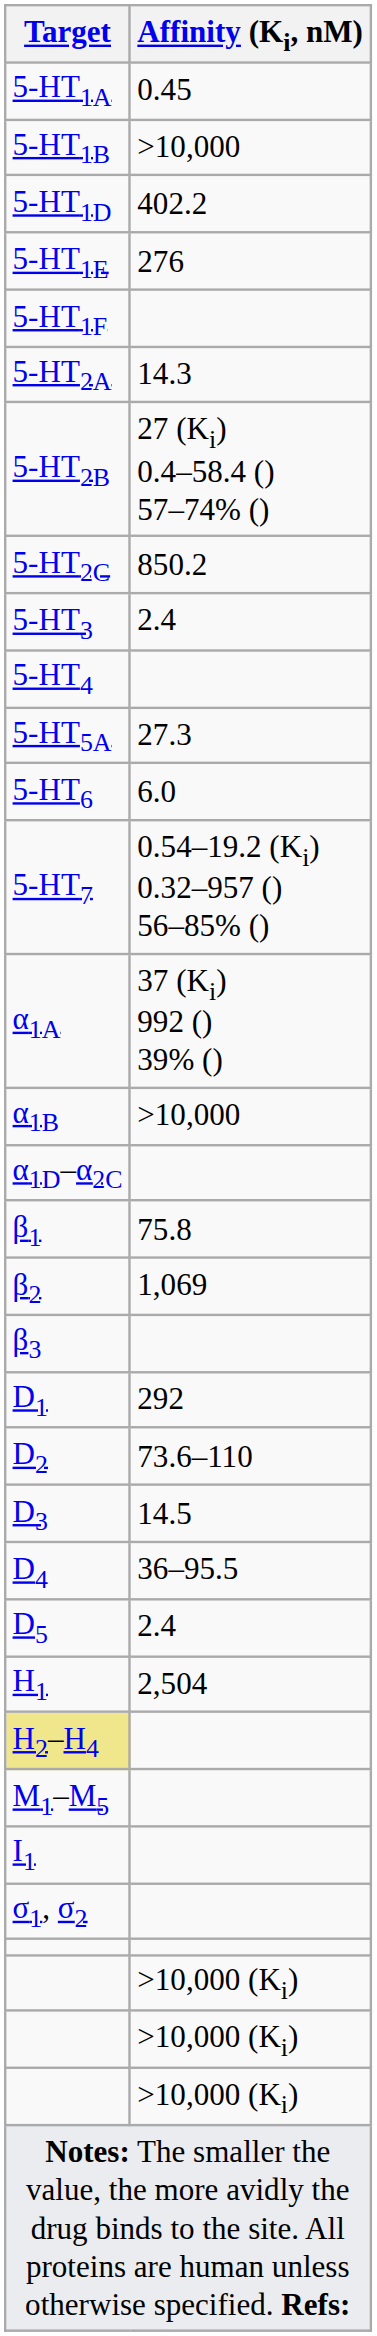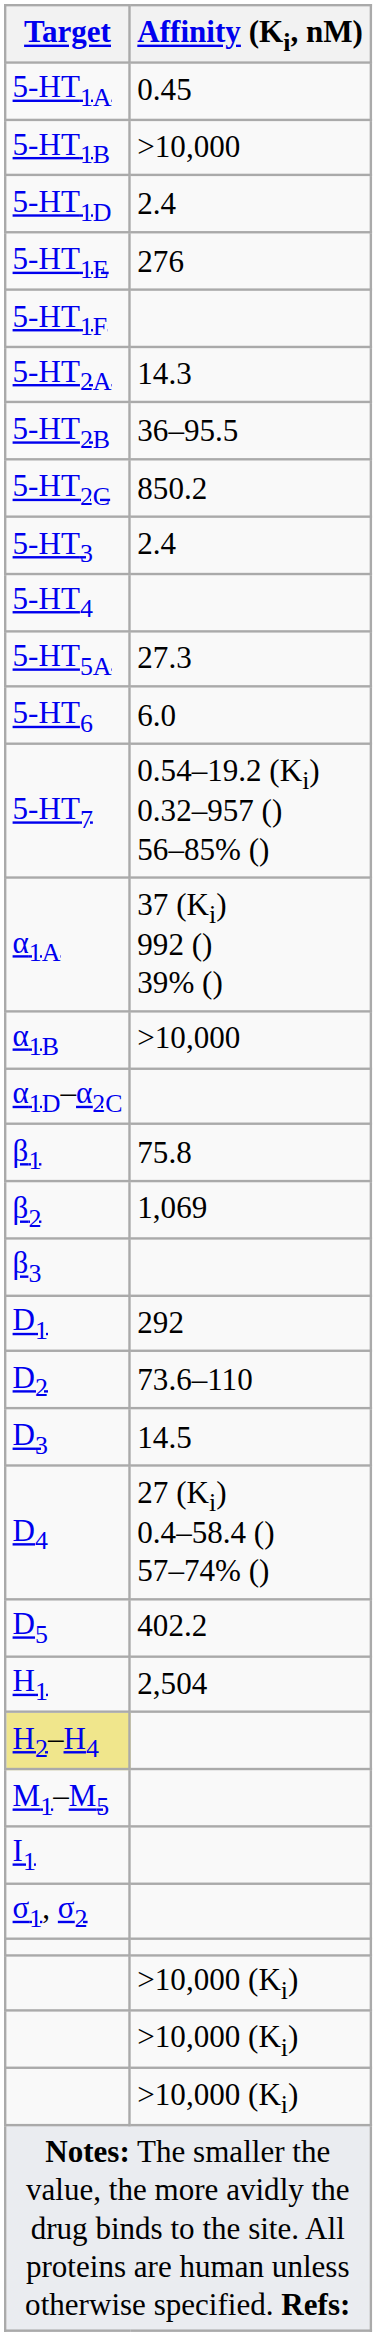 <table class="wikitable floatleft" style="font-size:small;">
 <tr>
 <th><a href='#'>Target</a></th>
 <th><a href='#'>Affinity</a> (K<sub>i</sub>, nM)</th>
 </tr>
 <tr>
 <td><a href='#'>5-HT<sub>1A</sub></a></td>
 <td>0.45</td>
 </tr>
 <tr>
 <td><a href='#'>5-HT<sub>1B</sub></a></td>
 <td>>10,000</td>
 </tr>
 <tr>
 <td><a href='#'>5-HT<sub>1D</sub></a></td>
-<td>402.2</td>
+<td>2.4</td>
 </tr>
 <tr>
 <td><a href='#'>5-HT<sub>1E</sub></a></td>
 <td>276</td>
 </tr>
 <tr>
 <td><a href='#'>5-HT<sub>1F</sub></a></td>
 <td></td>
 </tr>
 <tr>
 <td><a href='#'>5-HT<sub>2A</sub></a></td>
 <td>14.3</td>
 </tr>
 <tr>
 <td><a href='#'>5-HT<sub>2B</sub></a></td>
-<td>27 (K<sub>i</sub>)<br>0.4–58.4 ()<br>57–74% ()</td>
+<td>36–95.5</td>
 </tr>
 <tr>
 <td><a href='#'>5-HT<sub>2C</sub></a></td>
 <td>850.2</td>
 </tr>
 <tr>
 <td><a href='#'>5-HT<sub>3</sub></a></td>
 <td>2.4</td>
 </tr>
 <tr>
 <td><a href='#'>5-HT<sub>4</sub></a></td>
 <td></td>
 </tr>
 <tr>
 <td><a href='#'>5-HT<sub>5A</sub></a></td>
 <td>27.3</td>
 </tr>
 <tr>
 <td><a href='#'>5-HT<sub>6</sub></a></td>
 <td>6.0</td>
 </tr>
 <tr>
 <td><a href='#'>5-HT<sub>7</sub></a></td>
 <td>0.54–19.2 (K<sub>i</sub>)<br>0.32–957 ()<br>56–85% ()</td>
 </tr>
 <tr>
 <td><a href='#'>α<sub>1A</sub></a></td>
 <td>37 (K<sub>i</sub>)<br>992 ()<br>39% ()</td>
 </tr>
 <tr>
 <td><a href='#'>α<sub>1B</sub></a></td>
 <td>>10,000</td>
 </tr>
 <tr>
 <td><a href='#'>α<sub>1D</sub></a>–<a href='#'>α<sub>2C</sub></a></td>
 <td></td>
 </tr>
 <tr>
 <td><a href='#'>β<sub>1</sub></a></td>
 <td>75.8</td>
 </tr>
 <tr>
 <td><a href='#'>β<sub>2</sub></a></td>
 <td>1,069</td>
 </tr>
 <tr>
 <td><a href='#'>β<sub>3</sub></a></td>
 <td></td>
 </tr>
 <tr>
 <td><a href='#'>D<sub>1</sub></a></td>
 <td>292</td>
 </tr>
 <tr>
 <td><a href='#'>D<sub>2</sub></a></td>
 <td>73.6–110</td>
 </tr>
 <tr>
 <td><a href='#'>D<sub>3</sub></a></td>
 <td>14.5</td>
 </tr>
 <tr>
 <td><a href='#'>D<sub>4</sub></a></td>
-<td>36–95.5</td>
+<td>27 (K<sub>i</sub>)<br>0.4–58.4 ()<br>57–74% ()</td>
 </tr>
 <tr>
 <td><a href='#'>D<sub>5</sub></a></td>
-<td>2.4</td>
+<td>402.2</td>
 </tr>
 <tr>
 <td><a href='#'>H<sub>1</sub></a></td>
 <td>2,504</td>
 </tr>
 <tr>
 <td style="background: khaki;"><a href='#'>H<sub>2</sub></a>–<a href='#'>H<sub>4</sub></a></td>
 <td></td>
 </tr>
 <tr>
 <td><a href='#'>M<sub>1</sub></a>–<a href='#'>M<sub>5</sub></a></td>
 <td></td>
 </tr>
 <tr>
 <td><a href='#'>I<sub>1</sub></a></td>
 <td></td>
 </tr>
 <tr>
 <td><a href='#'>σ<sub>1</sub></a>, <a href='#'>σ<sub>2</sub></a></td>
 <td></td>
 </tr>
 <tr>
 <td></td>
 <td></td>
 </tr>
 <tr>
 <td></td>
 <td>>10,000 (K<sub>i</sub>)</td>
 </tr>
 <tr>
 <td></td>
 <td>>10,000 (K<sub>i</sub>)</td>
 </tr>
 <tr>
 <td></td>
 <td>>10,000 (K<sub>i</sub>)</td>
 </tr>
 <tr class="sortbottom">
 <td colspan="2" style="width: 1px; background-color:#eaecf0; text-align: center;"><strong>Notes:</strong> The smaller the value, the more avidly the drug binds to the site. All proteins are human unless otherwise specified. <strong>Refs:</strong> </td>
 </tr>
 </table>
